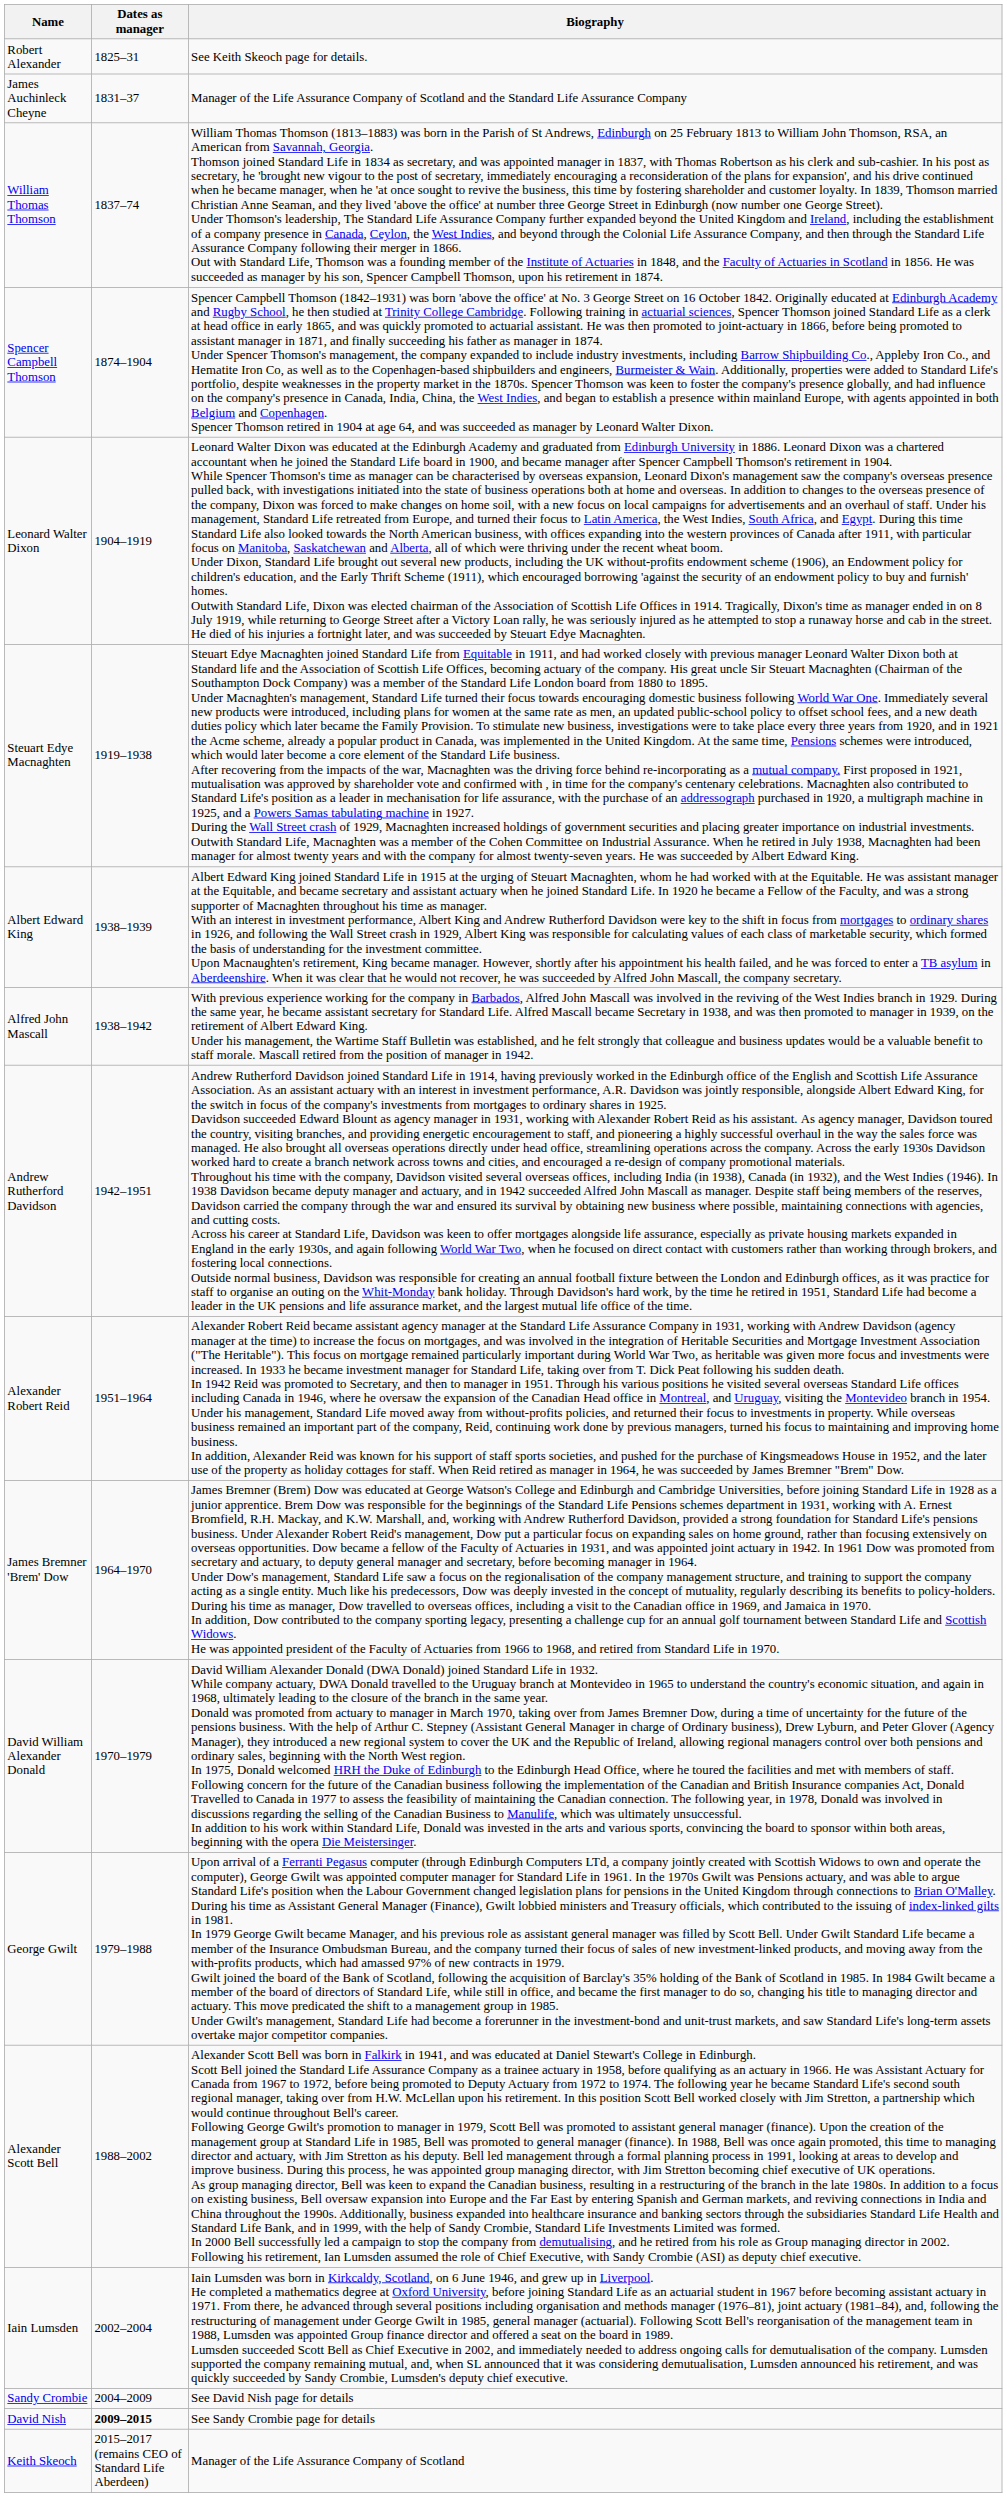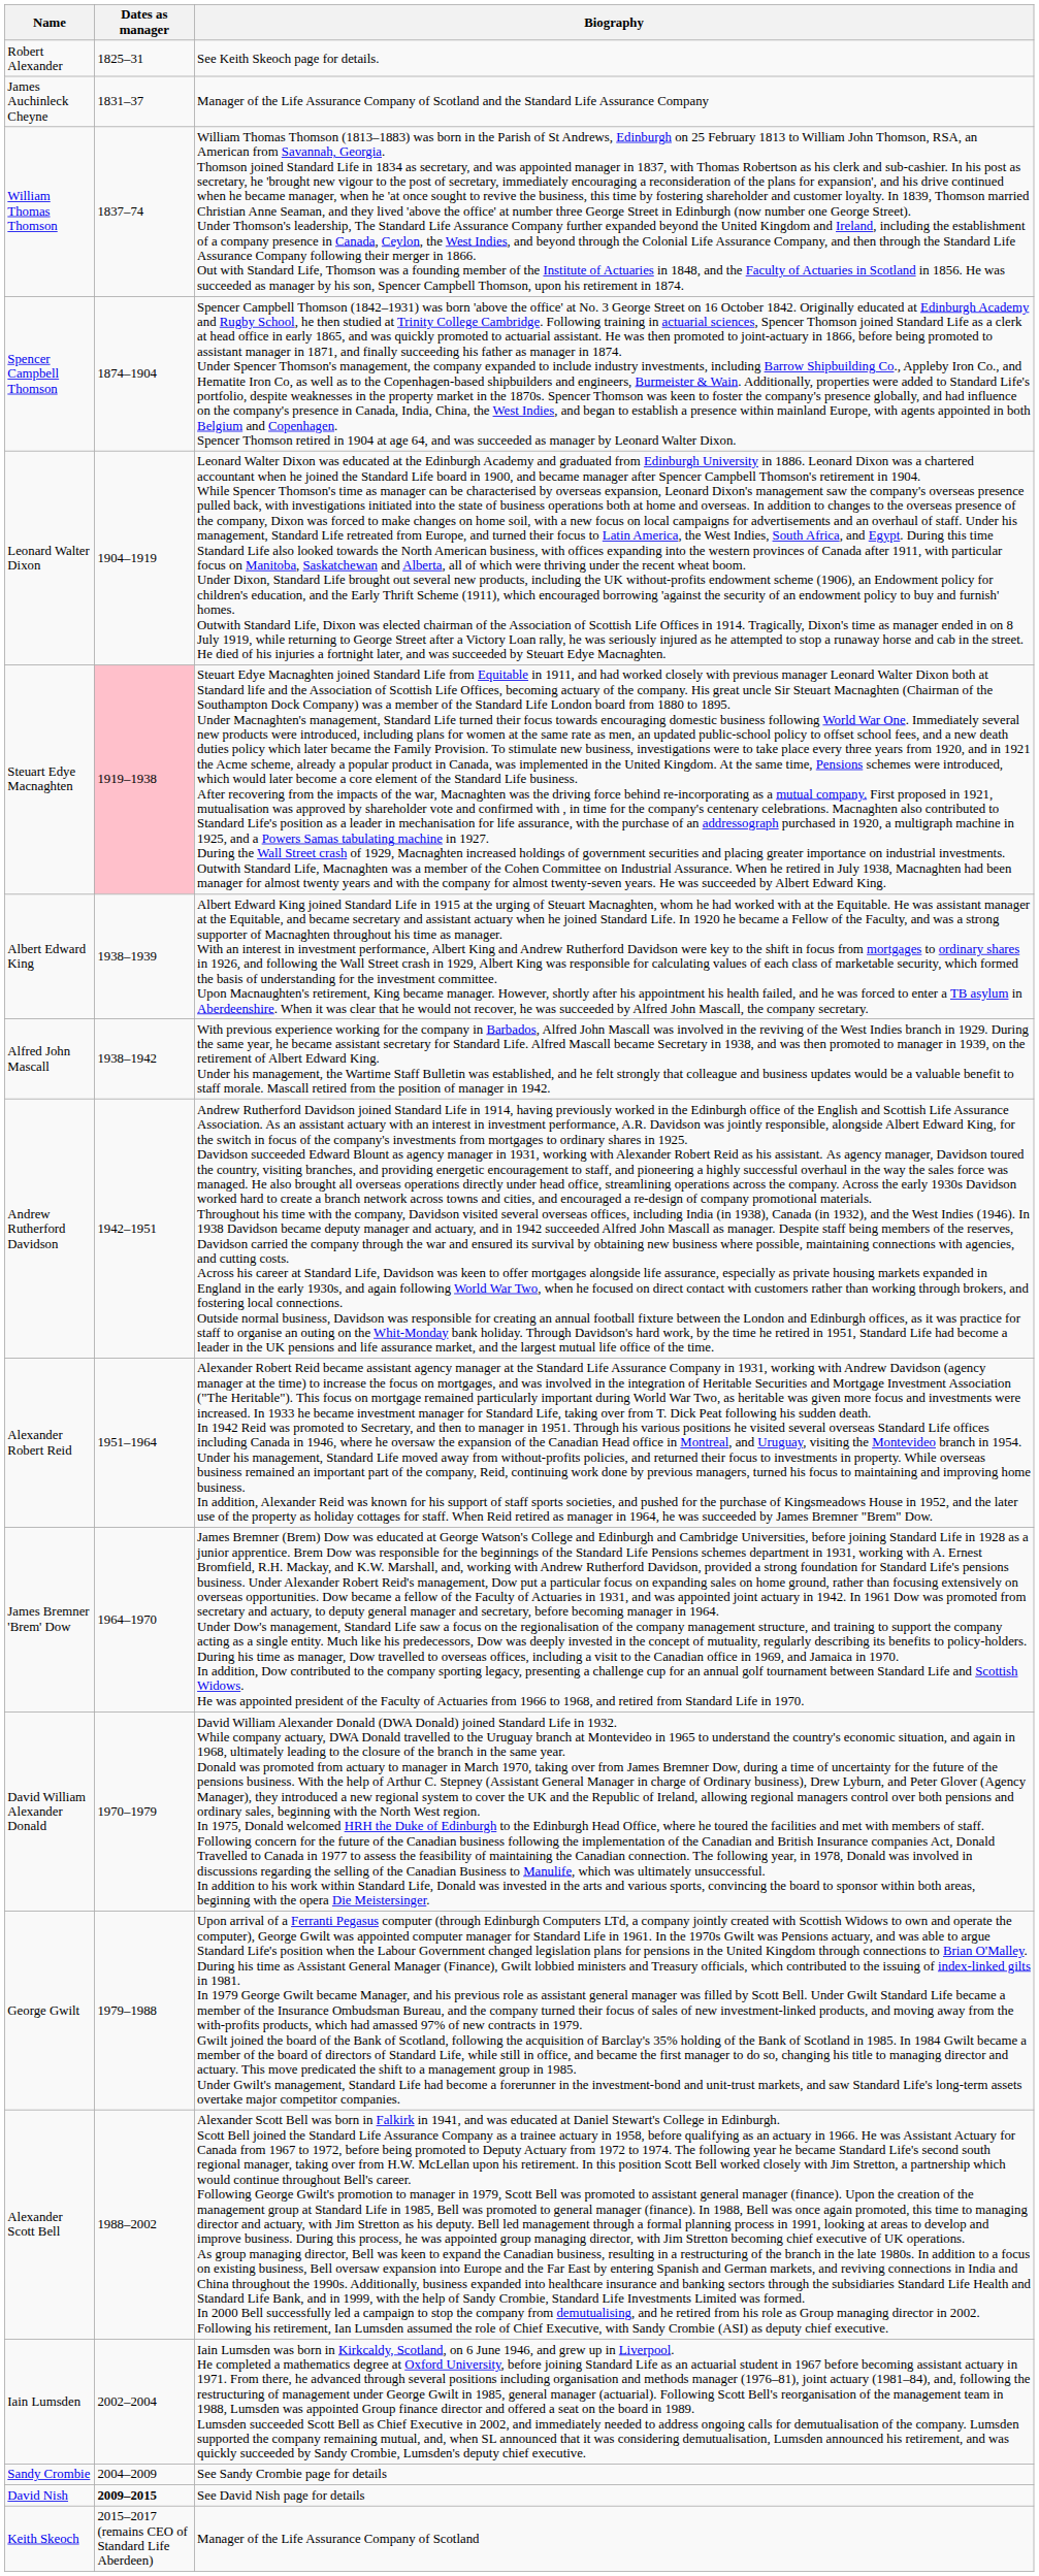 <table class="wikitable">
 <tr>
 <th>Name</th>
 <th>Dates as manager</th>
 <th>Biography</th>
 </tr>
 <tr>
 <td>Robert Alexander</td>
 <td>1825–31</td>
 <td>See Keith Skeoch page for details.</td>
 </tr>
 <tr>
 <td>James Auchinleck Cheyne</td>
 <td>1831–37</td>
 <td>Manager of the Life Assurance Company of Scotland and the Standard Life Assurance Company</td>
 </tr>
 <tr>
 <td><a href='#'>William Thomas Thomson</a></td>
 <td>1837–74</td>
 <td>William Thomas Thomson (1813–1883) was born in the Parish of St Andrews, <a href='#'>Edinburgh</a> on 25 February 1813 to William John Thomson, RSA, an American from <a href='#'>Savannah, Georgia</a>.<br>Thomson joined Standard Life in 1834 as secretary, and was appointed manager in 1837, with Thomas Robertson as his clerk and sub-cashier. In his post as secretary, he 'brought new vigour to the post of secretary, immediately encouraging a reconsideration of the plans for expansion', and his drive continued when he became manager, when he 'at once sought to revive the business, this time by fostering shareholder and customer loyalty. In 1839, Thomson married Christian Anne Seaman, and they lived 'above the office' at number three George Street in Edinburgh (now number one George Street).<br>Under Thomson's leadership, The Standard Life Assurance Company further expanded beyond the United Kingdom and <a href='#'>Ireland</a>, including the establishment of a company presence in <a href='#'>Canada</a>, <a href='#'>Ceylon</a>, the <a href='#'>West Indies</a>, and beyond through the Colonial Life Assurance Company, and then through the Standard Life Assurance Company following their merger in 1866.<br>Out with Standard Life, Thomson was a founding member of the <a href='#'>Institute of Actuaries</a> in 1848, and the <a href='#'>Faculty of Actuaries in Scotland</a> in 1856. He was succeeded as manager by his son, Spencer Campbell Thomson, upon his retirement in 1874.</td>
 </tr>
 <tr>
 <td><a href='#'>Spencer Campbell Thomson</a></td>
 <td>1874–1904</td>
 <td>Spencer Campbell Thomson (1842–1931) was born 'above the office' at No. 3 George Street on 16 October 1842. Originally educated at <a href='#'>Edinburgh Academy</a> and <a href='#'>Rugby School</a>, he then studied at <a href='#'>Trinity College Cambridge</a>. Following training in <a href='#'>actuarial sciences</a>, Spencer Thomson joined Standard Life as a clerk at head office in early 1865, and was quickly promoted to actuarial assistant. He was then promoted to joint-actuary in 1866, before being promoted to assistant manager in 1871, and finally succeeding his father as manager in 1874.<br>Under Spencer Thomson's management, the company expanded to include industry investments, including <a href='#'>Barrow Shipbuilding Co</a>., Appleby Iron Co., and Hematite Iron Co, as well as to the Copenhagen-based shipbuilders and engineers, <a href='#'>Burmeister & Wain</a>. Additionally, properties were added to Standard Life's portfolio, despite weaknesses in the property market in the 1870s. Spencer Thomson was keen to foster the company's presence globally, and had influence on the company's presence in Canada, India, China, the <a href='#'>West Indies</a>, and began to establish a presence within mainland Europe, with agents appointed in both <a href='#'>Belgium</a> and <a href='#'>Copenhagen</a>.<br>Spencer Thomson retired in 1904 at age 64, and was succeeded as manager by Leonard Walter Dixon.</td>
 </tr>
 <tr>
 <td>Leonard Walter Dixon</td>
 <td>1904–1919</td>
 <td>Leonard Walter Dixon was educated at the Edinburgh Academy and graduated from <a href='#'>Edinburgh University</a> in 1886. Leonard Dixon was a chartered accountant when he joined the Standard Life board in 1900, and became manager after Spencer Campbell Thomson's retirement in 1904.<br>While Spencer Thomson's time as manager can be characterised by overseas expansion, Leonard Dixon's management saw the company's overseas presence pulled back, with investigations initiated into the state of business operations both at home and overseas. In addition to changes to the overseas presence of the company, Dixon was forced to make changes on home soil, with a new focus on local campaigns for advertisements and an overhaul of staff. Under his management, Standard Life retreated from Europe, and turned their focus to <a href='#'>Latin America</a>, the West Indies, <a href='#'>South Africa</a>, and <a href='#'>Egypt</a>. During this time Standard Life also looked towards the North American business, with offices expanding into the western provinces of Canada after 1911, with particular focus on <a href='#'>Manitoba</a>, <a href='#'>Saskatchewan</a> and <a href='#'>Alberta</a>, all of which were thriving under the recent wheat boom.<br>Under Dixon, Standard Life brought out several new products, including the UK without-profits endowment scheme (1906), an Endowment policy for children's education, and the Early Thrift Scheme (1911), which encouraged borrowing 'against the security of an endowment policy to buy and furnish' homes.<br>Outwith Standard Life, Dixon was elected chairman of the Association of Scottish Life Offices in 1914. Tragically, Dixon's time as manager ended in on 8 July 1919, while returning to George Street after a Victory Loan rally, he was seriously injured as he attempted to stop a runaway horse and cab in the street. He died of his injuries a fortnight later, and was succeeded by Steuart Edye Macnaghten.</td>
 </tr>
 <tr>
 <td>Steuart Edye Macnaghten</td>
-<td>1919–1938</td>
+<td style="background: pink;">1919–1938</td>
 <td>Steuart Edye Macnaghten joined Standard Life from <a href='#'>Equitable</a> in 1911, and had worked closely with previous manager Leonard Walter Dixon both at Standard life and the Association of Scottish Life Offices, becoming actuary of the company. His great uncle Sir Steuart Macnaghten (Chairman of the Southampton Dock Company) was a member of the Standard Life London board from 1880 to 1895.<br>Under Macnaghten's management, Standard Life turned their focus towards encouraging domestic business following <a href='#'>World War One</a>. Immediately several new products were introduced, including plans for women at the same rate as men, an updated public-school policy to offset school fees, and a new death duties policy which later became the Family Provision. To stimulate new business, investigations were to take place every three years from 1920, and in 1921 the Acme scheme, already a popular product in Canada, was implemented in the United Kingdom. At the same time, <a href='#'>Pensions</a> schemes were introduced, which would later become a core element of the Standard Life business.<br>After recovering from the impacts of the war, Macnaghten was the driving force behind re-incorporating as a <a href='#'>mutual company.</a> First proposed in 1921, mutualisation was approved by shareholder vote and confirmed with , in time for the company's centenary celebrations. Macnaghten also contributed to Standard Life's position as a leader in mechanisation for life assurance, with the purchase of an <a href='#'>addressograph</a> purchased in 1920, a multigraph machine in 1925, and a <a href='#'>Powers Samas tabulating machine</a> in 1927.<br>During the <a href='#'>Wall Street crash</a> of 1929, Macnaghten increased holdings of government securities and placing greater importance on industrial investments.<br>Outwith Standard Life, Macnaghten was a member of the Cohen Committee on Industrial Assurance. When he retired in July 1938, Macnaghten had been manager for almost twenty years and with the company for almost twenty-seven years. He was succeeded by Albert Edward King.</td>
 </tr>
 <tr>
 <td>Albert Edward King</td>
 <td>1938–1939</td>
 <td>Albert Edward King joined Standard Life in 1915 at the urging of Steuart Macnaghten, whom he had worked with at the Equitable. He was assistant manager at the Equitable, and became secretary and assistant actuary when he joined Standard Life. In 1920 he became a Fellow of the Faculty, and was a strong supporter of Macnaghten throughout his time as manager.<br>With an interest in investment performance, Albert King and Andrew Rutherford Davidson were key to the shift in focus from <a href='#'>mortgages</a> to <a href='#'>ordinary shares</a> in 1926, and following the Wall Street crash in 1929, Albert King was responsible for calculating values of each class of marketable security, which formed the basis of understanding for the investment committee.<br>Upon Macnaughten's retirement, King became manager. However, shortly after his appointment his health failed, and he was forced to enter a <a href='#'>TB asylum</a> in <a href='#'>Aberdeenshire</a>. When it was clear that he would not recover, he was succeeded by Alfred John Mascall, the company secretary.</td>
 </tr>
 <tr>
 <td>Alfred John Mascall</td>
 <td>1938–1942</td>
 <td>With previous experience working for the company in <a href='#'>Barbados</a>, Alfred John Mascall was involved in the reviving of the West Indies branch in 1929. During the same year, he became assistant secretary for Standard Life. Alfred Mascall became Secretary in 1938, and was then promoted to manager in 1939, on the retirement of Albert Edward King.<br>Under his management, the Wartime Staff Bulletin was established, and he felt strongly that colleague and business updates would be a valuable benefit to staff morale. Mascall retired from the position of manager in 1942.</td>
 </tr>
 <tr>
 <td>Andrew Rutherford Davidson</td>
 <td>1942–1951</td>
 <td>Andrew Rutherford Davidson joined Standard Life in 1914, having previously worked in the Edinburgh office of the English and Scottish Life Assurance Association. As an assistant actuary with an interest in investment performance, A.R. Davidson was jointly responsible, alongside Albert Edward King, for the switch in focus of the company's investments from mortgages to ordinary shares in 1925.<br>Davidson succeeded Edward Blount as agency manager in 1931, working with Alexander Robert Reid as his assistant. As agency manager, Davidson toured the country, visiting branches, and providing energetic encouragement to staff, and pioneering a highly successful overhaul in the way the sales force was managed. He also brought all overseas operations directly under head office, streamlining operations across the company. Across the early 1930s Davidson worked hard to create a branch network across towns and cities, and encouraged a re-design of company promotional materials.<br>Throughout his time with the company, Davidson visited several overseas offices, including India (in 1938), Canada (in 1932), and the West Indies (1946). In 1938 Davidson became deputy manager and actuary, and in 1942 succeeded Alfred John Mascall as manager. Despite staff being members of the reserves, Davidson carried the company through the war and ensured its survival by obtaining new business where possible, maintaining connections with agencies, and cutting costs.<br>Across his career at Standard Life, Davidson was keen to offer mortgages alongside life assurance, especially as private housing markets expanded in England in the early 1930s, and again following <a href='#'>World War Two</a>, when he focused on direct contact with customers rather than working through brokers, and fostering local connections.<br>Outside normal business, Davidson was responsible for creating an annual football fixture between the London and Edinburgh offices, as it was practice for staff to organise an outing on the <a href='#'>Whit-Monday</a> bank holiday. Through Davidson's hard work, by the time he retired in 1951, Standard Life had become a leader in the UK pensions and life assurance market, and the largest mutual life office of the time.</td>
 </tr>
 <tr>
 <td>Alexander Robert Reid</td>
 <td>1951–1964</td>
 <td>Alexander Robert Reid became assistant agency manager at the Standard Life Assurance Company in 1931, working with Andrew Davidson (agency manager at the time) to increase the focus on mortgages, and was involved in the integration of Heritable Securities and Mortgage Investment Association ("The Heritable"). This focus on mortgage remained particularly important during World War Two, as heritable was given more focus and investments were increased. In 1933 he became investment manager for Standard Life, taking over from T. Dick Peat following his sudden death.<br>In 1942 Reid was promoted to Secretary, and then to manager in 1951. Through his various positions he visited several overseas Standard Life offices including Canada in 1946, where he oversaw the expansion of the Canadian Head office in <a href='#'>Montreal</a>, and <a href='#'>Uruguay</a>, visiting the <a href='#'>Montevideo</a> branch in 1954. Under his management, Standard Life moved away from without-profits policies, and returned their focus to investments in property. While overseas business remained an important part of the company, Reid, continuing work done by previous managers, turned his focus to maintaining and improving home business.<br>In addition, Alexander Reid was known for his support of staff sports societies, and pushed for the purchase of Kingsmeadows House in 1952, and the later use of the property as holiday cottages for staff. When Reid retired as manager in 1964, he was succeeded by James Bremner "Brem" Dow.</td>
 </tr>
 <tr>
 <td>James Bremner 'Brem' Dow</td>
 <td>1964–1970</td>
 <td>James Bremner (Brem) Dow was educated at George Watson's College and Edinburgh and Cambridge Universities, before joining Standard Life in 1928 as a junior apprentice. Brem Dow was responsible for the beginnings of the Standard Life Pensions schemes department in 1931, working with A. Ernest Bromfield, R.H. Mackay, and K.W. Marshall, and, working with Andrew Rutherford Davidson, provided a strong foundation for Standard Life's pensions business. Under Alexander Robert Reid's management, Dow put a particular focus on expanding sales on home ground, rather than focusing extensively on overseas opportunities. Dow became a fellow of the Faculty of Actuaries in 1931, and was appointed joint actuary in 1942. In 1961 Dow was promoted from secretary and actuary, to deputy general manager and secretary, before becoming manager in 1964.<br>Under Dow's management, Standard Life saw a focus on the regionalisation of the company management structure, and training to support the company acting as a single entity. Much like his predecessors, Dow was deeply invested in the concept of mutuality, regularly describing its benefits to policy-holders. During his time as manager, Dow travelled to overseas offices, including a visit to the Canadian office in 1969, and Jamaica in 1970.<br>In addition, Dow contributed to the company sporting legacy, presenting a challenge cup for an annual golf tournament between Standard Life and <a href='#'>Scottish Widows</a>.<br>He was appointed president of the Faculty of Actuaries from 1966 to 1968, and retired from Standard Life in 1970.</td>
 </tr>
 <tr>
 <td>David William Alexander Donald</td>
 <td>1970–1979</td>
 <td>David William Alexander Donald (DWA Donald) joined Standard Life in 1932.<br>While company actuary, DWA Donald travelled to the Uruguay branch at Montevideo in 1965 to understand the country's economic situation, and again in 1968, ultimately leading to the closure of the branch in the same year.<br>Donald was promoted from actuary to manager in March 1970, taking over from James Bremner Dow, during a time of uncertainty for the future of the pensions business. With the help of Arthur C. Stepney (Assistant General Manager in charge of Ordinary business), Drew Lyburn, and Peter Glover (Agency Manager), they introduced a new regional system to cover the UK and the Republic of Ireland, allowing regional managers control over both pensions and ordinary sales, beginning with the North West region.<br>In 1975, Donald welcomed <a href='#'>HRH the Duke of Edinburgh</a> to the Edinburgh Head Office, where he toured the facilities and met with members of staff.<br>Following concern for the future of the Canadian business following the implementation of the Canadian and British Insurance companies Act, Donald Travelled to Canada in 1977 to assess the feasibility of maintaining the Canadian connection. The following year, in 1978, Donald was involved in discussions regarding the selling of the Canadian Business to <a href='#'>Manulife</a>, which was ultimately unsuccessful.<br>In addition to his work within Standard Life, Donald was invested in the arts and various sports, convincing the board to sponsor within both areas, beginning with the opera <a href='#'>Die Meistersinger</a>.</td>
 </tr>
 <tr>
 <td>George Gwilt</td>
 <td>1979–1988</td>
 <td>Upon arrival of a <a href='#'>Ferranti Pegasus</a> computer (through Edinburgh Computers LTd, a company jointly created with Scottish Widows to own and operate the computer), George Gwilt was appointed computer manager for Standard Life in 1961. In the 1970s Gwilt was Pensions actuary, and was able to argue Standard Life's position when the Labour Government changed legislation plans for pensions in the United Kingdom through connections to <a href='#'>Brian O'Malley</a>. During his time as Assistant General Manager (Finance), Gwilt lobbied ministers and Treasury officials, which contributed to the issuing of <a href='#'>index-linked gilts</a> in 1981.<br>In 1979 George Gwilt became Manager, and his previous role as assistant general manager was filled by Scott Bell. Under Gwilt Standard Life became a member of the Insurance Ombudsman Bureau, and the company turned their focus of sales of new investment-linked products, and moving away from the with-profits products, which had amassed 97% of new contracts in 1979.<br>Gwilt joined the board of the Bank of Scotland, following the acquisition of Barclay's 35% holding of the Bank of Scotland in 1985. In 1984 Gwilt became a member of the board of directors of Standard Life, while still in office, and became the first manager to do so, changing his title to managing director and actuary. This move predicated the shift to a management group in 1985.<br>Under Gwilt's management, Standard Life had become a forerunner in the investment-bond and unit-trust markets, and saw Standard Life's long-term assets overtake major competitor companies.</td>
 </tr>
 <tr>
 <td>Alexander Scott Bell</td>
 <td>1988–2002</td>
 <td>Alexander Scott Bell was born in <a href='#'>Falkirk</a> in 1941, and was educated at Daniel Stewart's College in Edinburgh.<br>Scott Bell joined the Standard Life Assurance Company as a trainee actuary in 1958, before qualifying as an actuary in 1966. He was Assistant Actuary for Canada from 1967 to 1972, before being promoted to Deputy Actuary from 1972 to 1974. The following year he became Standard Life's second south regional manager, taking over from H.W. McLellan upon his retirement. In this position Scott Bell worked closely with Jim Stretton, a partnership which would continue throughout Bell's career.<br>Following George Gwilt's promotion to manager in 1979, Scott Bell was promoted to assistant general manager (finance). Upon the creation of the management group at Standard Life in 1985, Bell was promoted to general manager (finance). In 1988, Bell was once again promoted, this time to managing director and actuary, with Jim Stretton as his deputy. Bell led management through a formal planning process in 1991, looking at areas to develop and improve business. During this process, he was appointed group managing director, with Jim Stretton becoming chief executive of UK operations.<br>As group managing director, Bell was keen to expand the Canadian business, resulting in a restructuring of the branch in the late 1980s. In addition to a focus on existing business, Bell oversaw expansion into Europe and the Far East by entering Spanish and German markets, and reviving connections in India and China throughout the 1990s. Additionally, business expanded into healthcare insurance and banking sectors through the subsidiaries Standard Life Health and Standard Life Bank, and in 1999, with the help of Sandy Crombie, Standard Life Investments Limited was formed.<br>In 2000 Bell successfully led a campaign to stop the company from <a href='#'>demutualising</a>, and he retired from his role as Group managing director in 2002. Following his retirement, Ian Lumsden assumed the role of Chief Executive, with Sandy Crombie (ASI) as deputy chief executive.</td>
 </tr>
 <tr>
 <td>Iain Lumsden</td>
 <td>2002–2004</td>
 <td>Iain Lumsden was born in <a href='#'>Kirkcaldy, Scotland</a>, on 6 June 1946, and grew up in <a href='#'>Liverpool</a>.<br>He completed a mathematics degree at <a href='#'>Oxford University</a>, before joining Standard Life as an actuarial student in 1967 before becoming assistant actuary in 1971. From there, he advanced through several positions including organisation and methods manager (1976–81), joint actuary (1981–84), and, following the restructuring of management under George Gwilt in 1985, general manager (actuarial). Following Scott Bell's reorganisation of the management team in 1988, Lumsden was appointed Group finance director and offered a seat on the board in 1989.<br>Lumsden succeeded Scott Bell as Chief Executive in 2002, and immediately needed to address ongoing calls for demutualisation of the company. Lumsden supported the company remaining mutual, and, when SL announced that it was considering demutualisation, Lumsden announced his retirement, and was quickly succeeded by Sandy Crombie, Lumsden's deputy chief executive.</td>
 </tr>
 <tr>
 <td><a href='#'>Sandy Crombie</a></td>
 <td>2004–2009</td>
-<td>See David Nish page for details</td>
+<td>See Sandy Crombie page for details</td>
 </tr>
 <tr>
 <td><a href='#'>David Nish</a></td>
 <td><strong>2009–2015</strong></td>
-<td>See Sandy Crombie page for details</td>
+<td>See David Nish page for details</td>
 </tr>
 <tr>
 <td><a href='#'>Keith Skeoch</a></td>
 <td>2015–2017 (remains CEO of Standard Life Aberdeen)</td>
 <td>Manager of the Life Assurance Company of Scotland</td>
 </tr>
 </table>
